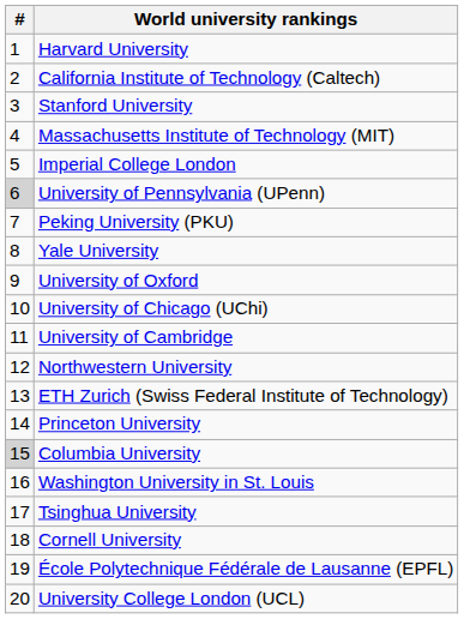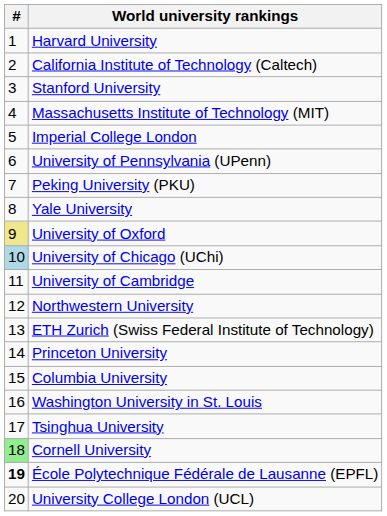 <table class="wikitable">
 <tr>
 <th>#</th>
 <th>World university rankings</th>
 </tr>
 <tr>
 <td>1</td>
 <td> <a href='#'>Harvard University</a></td>
 </tr>
 <tr>
 <td>2</td>
 <td> <a href='#'>California Institute of Technology</a> (Caltech)</td>
 </tr>
 <tr>
 <td>3</td>
 <td> <a href='#'>Stanford University</a></td>
 </tr>
 <tr>
 <td>4</td>
 <td> <a href='#'>Massachusetts Institute of Technology</a> (MIT)</td>
 </tr>
 <tr>
 <td>5</td>
 <td> <a href='#'>Imperial College London</a></td>
 </tr>
 <tr>
-<td style="background: lightgrey;">6</td>
+<td>6</td>
 <td> <a href='#'>University of Pennsylvania</a> (UPenn)</td>
 </tr>
 <tr>
 <td>7</td>
 <td> <a href='#'>Peking University</a> (PKU)</td>
 </tr>
 <tr>
 <td>8</td>
 <td> <a href='#'>Yale University</a></td>
 </tr>
 <tr>
-<td>9</td>
+<td style="background: khaki;">9</td>
 <td> <a href='#'>University of Oxford</a></td>
 </tr>
 <tr>
-<td>10</td>
+<td style="background: lightblue;">10</td>
 <td> <a href='#'>University of Chicago</a> (UChi)</td>
 </tr>
 <tr>
 <td>11</td>
 <td> <a href='#'>University of Cambridge</a></td>
 </tr>
 <tr>
 <td>12</td>
 <td> <a href='#'>Northwestern University</a></td>
 </tr>
 <tr>
 <td>13</td>
 <td> <a href='#'>ETH Zurich</a> (Swiss Federal Institute of Technology)</td>
 </tr>
 <tr>
 <td>14</td>
 <td> <a href='#'>Princeton University</a></td>
 </tr>
 <tr>
-<td style="background: lightgrey;">15</td>
+<td>15</td>
 <td> <a href='#'>Columbia University</a></td>
 </tr>
 <tr>
 <td>16</td>
 <td> <a href='#'>Washington University in St. Louis</a></td>
 </tr>
 <tr>
 <td>17</td>
 <td> <a href='#'>Tsinghua University</a></td>
 </tr>
 <tr>
-<td>18</td>
+<td style="background: lightgreen;">18</td>
 <td> <a href='#'>Cornell University</a></td>
 </tr>
 <tr>
-<td>19</td>
+<td><strong>19</strong></td>
 <td> <a href='#'>École Polytechnique Fédérale de Lausanne</a> (EPFL)</td>
 </tr>
 <tr>
 <td>20</td>
 <td> <a href='#'>University College London</a> (UCL)</td>
 </tr>
 </table>
